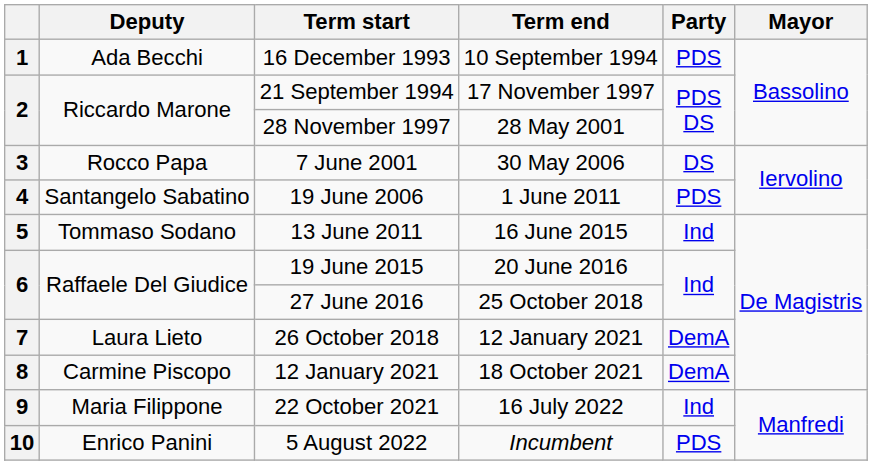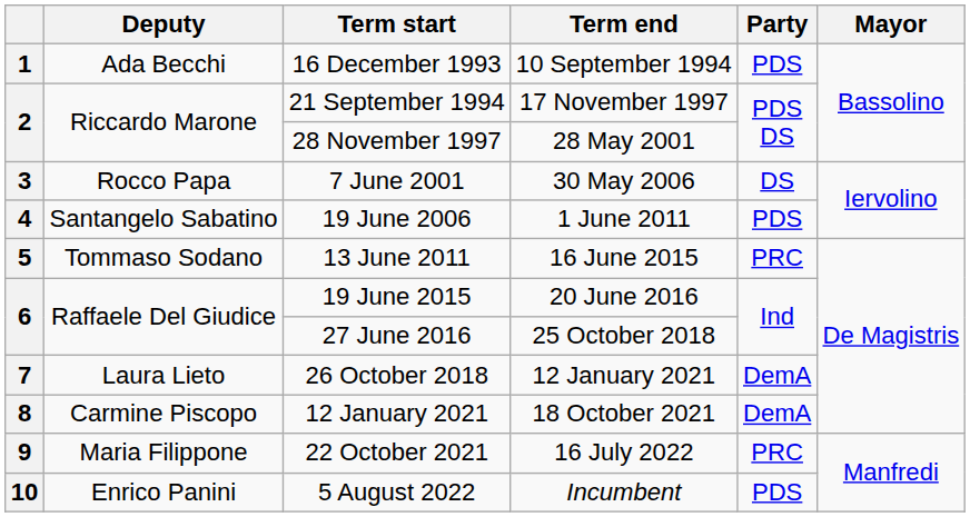 <table class="wikitable" style="text-align: center;">
 <tr>
 <th class=unsortable> </th>
 <th>Deputy</th>
 <th>Term start</th>
 <th>Term end</th>
 <th>Party</th>
 <th>Mayor</th>
 </tr>
 <tr>
 <th style="background:">1</th>
 <td>Ada Becchi</td>
 <td>16 December 1993</td>
 <td>10 September 1994</td>
 <td><a href='#'>PDS</a></td>
 <td rowspan=3><a href='#'>Bassolino</a></td>
 </tr>
 <tr>
 <th rowspan=2 style="background:">2</th>
 <td rowspan=2>Riccardo Marone</td>
 <td>21 September 1994</td>
 <td>17 November 1997</td>
 <td rowspan=2><a href='#'>PDS</a><br><a href='#'>DS</a></td>
 </tr>
 <tr>
 <td>28 November 1997</td>
 <td>28 May 2001</td>
 </tr>
 <tr>
 <th style="background:">3</th>
 <td>Rocco Papa</td>
 <td>7 June 2001</td>
 <td>30 May 2006</td>
 <td><a href='#'>DS</a></td>
 <td rowspan=2><a href='#'>Iervolino</a></td>
 </tr>
 <tr>
 <th style="background:">4</th>
 <td>Santangelo Sabatino</td>
 <td>19 June 2006</td>
 <td>1 June 2011</td>
 <td><a href='#'>PDS</a></td>
 </tr>
 <tr>
 <th style="background:">5</th>
 <td>Tommaso Sodano</td>
 <td>13 June 2011</td>
 <td>16 June 2015</td>
-<td><a href='#'>Ind</a></td>
+<td><a href='#'>PRC</a></td>
 <td rowspan=5><a href='#'>De Magistris</a></td>
 </tr>
 <tr>
 <th rowspan=2 style="background:">6</th>
 <td rowspan=2>Raffaele Del Giudice</td>
 <td>19 June 2015</td>
 <td>20 June 2016</td>
 <td rowspan=2><a href='#'>Ind</a></td>
 </tr>
 <tr>
 <td>27 June 2016</td>
 <td>25 October 2018</td>
 </tr>
 <tr>
 <th style="background:">7</th>
 <td>Laura Lieto</td>
 <td>26 October 2018</td>
 <td>12 January 2021</td>
 <td><a href='#'>DemA</a></td>
 </tr>
 <tr>
 <th style="background:">8</th>
 <td>Carmine Piscopo</td>
 <td>12 January 2021</td>
 <td>18 October 2021</td>
 <td><a href='#'>DemA</a></td>
 </tr>
 <tr>
 <th style="background:">9</th>
 <td>Maria Filippone</td>
 <td>22 October 2021</td>
 <td>16 July 2022</td>
-<td><a href='#'>Ind</a></td>
+<td><a href='#'>PRC</a></td>
 <td rowspan=2><a href='#'>Manfredi</a></td>
 </tr>
 <tr>
 <th style="background:">10</th>
 <td>Enrico Panini</td>
 <td>5 August 2022</td>
 <td><em>Incumbent</em></td>
 <td><a href='#'>PDS</a></td>
 </tr>
 </table>
